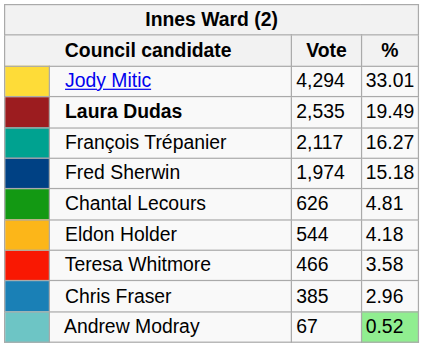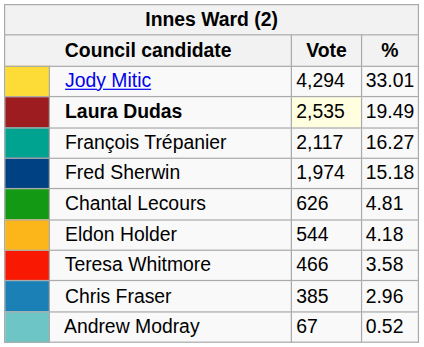 <table class="wikitable">
 <tr>
 <th colspan="4">Innes Ward (2)</th>
 </tr>
 <tr>
 <th bgcolor="#DDDDFF" width="230px" colspan="2">Council candidate</th>
 <th bgcolor="#DDDDFF" width="50px">Vote</th>
 <th bgcolor="#DDDDFF" width="30px">%</th>
 </tr>
 <tr>
 <td bgcolor=#FEDC38 width="30px"> </td>
 <td>  <a href='#'>Jody Mitic</a></td>
 <td>4,294</td>
 <td>33.01</td>
 </tr>
 <tr>
 <td bgcolor=#9C1C1F width="30px"> </td>
 <td>  <strong>Laura Dudas</strong></td>
-<td>2,535</td>
+<td style="background: lightyellow;">2,535</td>
 <td>19.49</td>
 </tr>
 <tr>
 <td bgcolor=#00A290 width="30px"> </td>
 <td>  François Trépanier</td>
 <td>2,117</td>
 <td>16.27</td>
 </tr>
 <tr>
 <td bgcolor=#004184 width="30px"> </td>
 <td>  Fred Sherwin</td>
 <td>1,974</td>
 <td>15.18</td>
 </tr>
 <tr>
 <td bgcolor=#139913 width="30px"> </td>
 <td>  Chantal Lecours</td>
 <td>626</td>
 <td>4.81</td>
 </tr>
 <tr>
 <td bgcolor=#FCB619 width="30px"> </td>
 <td>  Eldon Holder</td>
 <td>544</td>
 <td>4.18</td>
 </tr>
 <tr>
 <td bgcolor=#F91802 width="30px"> </td>
 <td>  Teresa Whitmore</td>
 <td>466</td>
 <td>3.58</td>
 </tr>
 <tr>
 <td bgcolor=#1A80B6 width="30px"> </td>
 <td>  Chris Fraser</td>
 <td>385</td>
 <td>2.96</td>
 </tr>
 <tr>
 <td bgcolor=#6DC5C5 width="30px"> </td>
 <td>  Andrew Modray</td>
 <td>67</td>
-<td style="background: lightgreen;">0.52</td>
+<td>0.52</td>
 </tr>
 </table>
